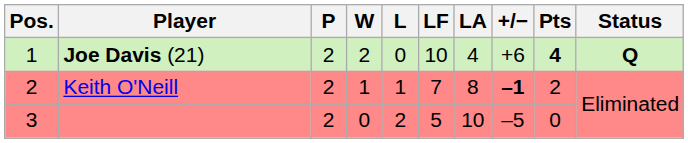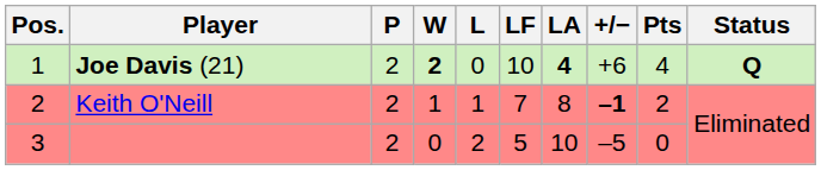 <table class="wikitable" style="text-align:center; margin: 1em auto 1em auto, align:left">
 <tr>
 <th width=20>Pos.</th>
 <th width=185>Player</th>
 <th width=20>P</th>
 <th width=20>W</th>
 <th width=20>L</th>
 <th width=20>LF</th>
 <th width=20>LA</th>
 <th width=25>+/−</th>
 <th width=20>Pts</th>
 <th width=70>Status</th>
 </tr>
 <tr style="background:#D0F0C0;">
 <td>1</td>
 <td align=left> <strong>Joe Davis</strong> (21)</td>
 <td>2</td>
-<td>2</td>
+<td><strong>2</strong></td>
 <td>0</td>
 <td>10</td>
+<td><strong>4</strong></td>
+<td>+6</td>
 <td>4</td>
-<td>+6</td>
-<td><strong>4</strong></td>
 <td><strong>Q</strong></td>
 </tr>
 <tr style="background:#FF8888;">
 <td>2</td>
 <td align=left> <a href='#'>Keith O'Neill</a></td>
 <td>2</td>
 <td>1</td>
 <td>1</td>
 <td>7</td>
 <td>8</td>
 <td><strong>–1</strong></td>
 <td>2</td>
 <td rowspan=2>Eliminated</td>
 </tr>
 <tr style="background:#FF8888;">
 <td>3</td>
 <td align=left></td>
 <td>2</td>
 <td>0</td>
 <td>2</td>
 <td>5</td>
 <td>10</td>
 <td>–5</td>
 <td>0</td>
 </tr>
 </table>
